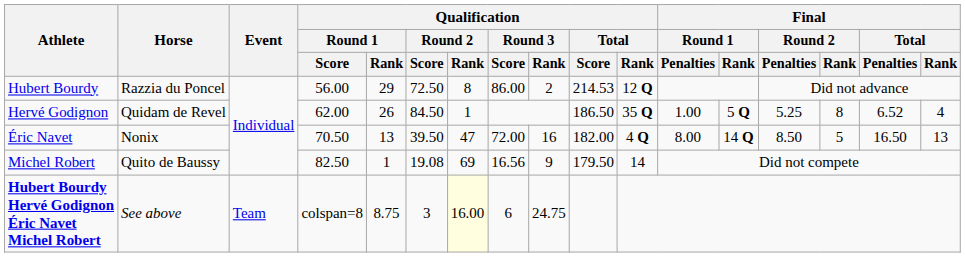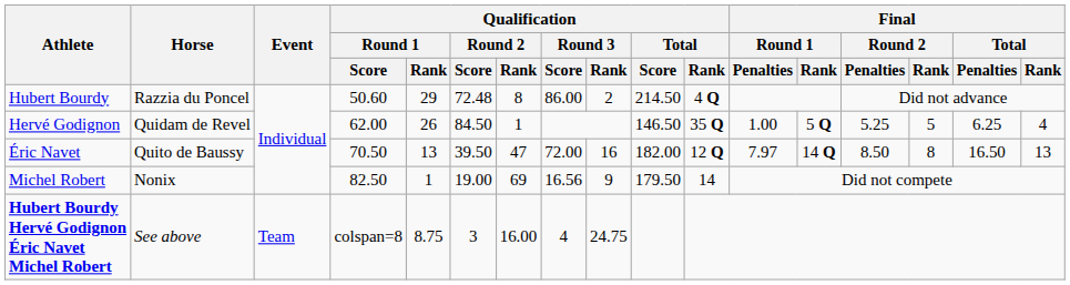 <table class=wikitable style="font-size:90%">
 <tr>
 <th rowspan="3">Athlete</th>
 <th rowspan="3">Horse</th>
 <th rowspan="3">Event</th>
 <th colspan="8">Qualification</th>
 <th colspan="6">Final</th>
 </tr>
 <tr style="font-size:95%">
 <th colspan=2>Round 1</th>
 <th colspan=2>Round 2</th>
 <th colspan=2>Round 3</th>
 <th colspan=2>Total</th>
 <th colspan=2>Round 1</th>
 <th colspan=2>Round 2</th>
 <th colspan=2>Total</th>
 </tr>
 <tr style="font-size:95%">
 <th>Score</th>
 <th>Rank</th>
 <th>Score</th>
 <th>Rank</th>
 <th>Score</th>
 <th>Rank</th>
 <th>Score</th>
 <th>Rank</th>
 <th>Penalties</th>
 <th>Rank</th>
 <th>Penalties</th>
 <th>Rank</th>
 <th>Penalties</th>
 <th>Rank</th>
 </tr>
 <tr align=center>
 <td align=left><a href='#'>Hubert Bourdy</a></td>
 <td align=left>Razzia du Poncel</td>
 <td align=left rowspan=4><a href='#'>Individual</a></td>
-<td>56.00</td>
+<td>50.60</td>
 <td>29</td>
-<td>72.50</td>
+<td>72.48</td>
 <td>8</td>
 <td>86.00</td>
 <td>2</td>
-<td>214.53</td>
-<td>12 <strong>Q</strong></td>
+<td>214.50</td>
+<td>4 <strong>Q</strong></td>
 <td colspan=2></td>
 <td colspan=4>Did not advance</td>
 </tr>
 <tr align=center>
 <td align=left><a href='#'>Hervé Godignon</a></td>
 <td align=left>Quidam de Revel</td>
 <td>62.00</td>
 <td>26</td>
 <td>84.50</td>
 <td>1</td>
 <td colspan=2></td>
-<td>186.50</td>
+<td>146.50</td>
 <td>35 <strong>Q</strong></td>
 <td>1.00</td>
 <td>5 <strong>Q</strong></td>
 <td>5.25</td>
-<td>8</td>
-<td>6.52</td>
+<td>5</td>
+<td>6.25</td>
 <td>4</td>
 </tr>
 <tr align=center>
 <td align=left><a href='#'>Éric Navet</a></td>
-<td align=left>Nonix</td>
+<td align=left>Quito de Baussy</td>
 <td>70.50</td>
 <td>13</td>
 <td>39.50</td>
 <td>47</td>
 <td>72.00</td>
 <td>16</td>
 <td>182.00</td>
-<td>4 <strong>Q</strong></td>
-<td>8.00</td>
+<td>12 <strong>Q</strong></td>
+<td>7.97</td>
 <td>14 <strong>Q</strong></td>
 <td>8.50</td>
-<td>5</td>
+<td>8</td>
 <td>16.50</td>
 <td>13</td>
 </tr>
 <tr align=center>
 <td align=left><a href='#'>Michel Robert</a></td>
-<td align=left>Quito de Baussy</td>
+<td align=left>Nonix</td>
 <td>82.50</td>
 <td>1</td>
-<td>19.08</td>
+<td>19.00</td>
 <td>69</td>
 <td>16.56</td>
 <td>9</td>
 <td>179.50</td>
 <td>14</td>
 <td colspan=6>Did not compete</td>
 </tr>
 <tr align=center>
 <td align=left><strong><a href='#'>Hubert Bourdy</a><br><a href='#'>Hervé Godignon</a><br><a href='#'>Éric Navet</a><br><a href='#'>Michel Robert</a></strong></td>
 <td align=left><em>See above</em></td>
 <td align=left rowspan=4><a href='#'>Team</a></td>
 <td>colspan=8</td>
 <td>8.75</td>
 <td>3</td>
-<td style="background: lightyellow;">16.00</td>
-<td>6</td>
+<td>16.00</td>
+<td>4</td>
 <td>24.75</td>
 <td></td>
 </tr>
 </table>
